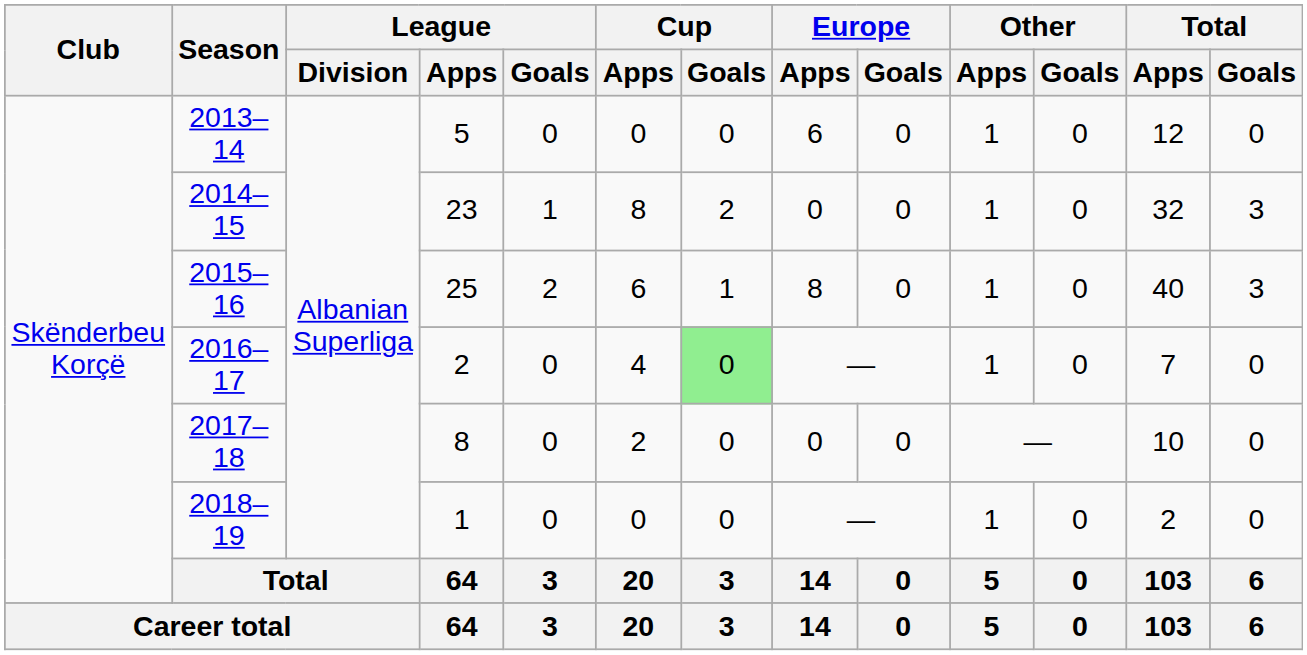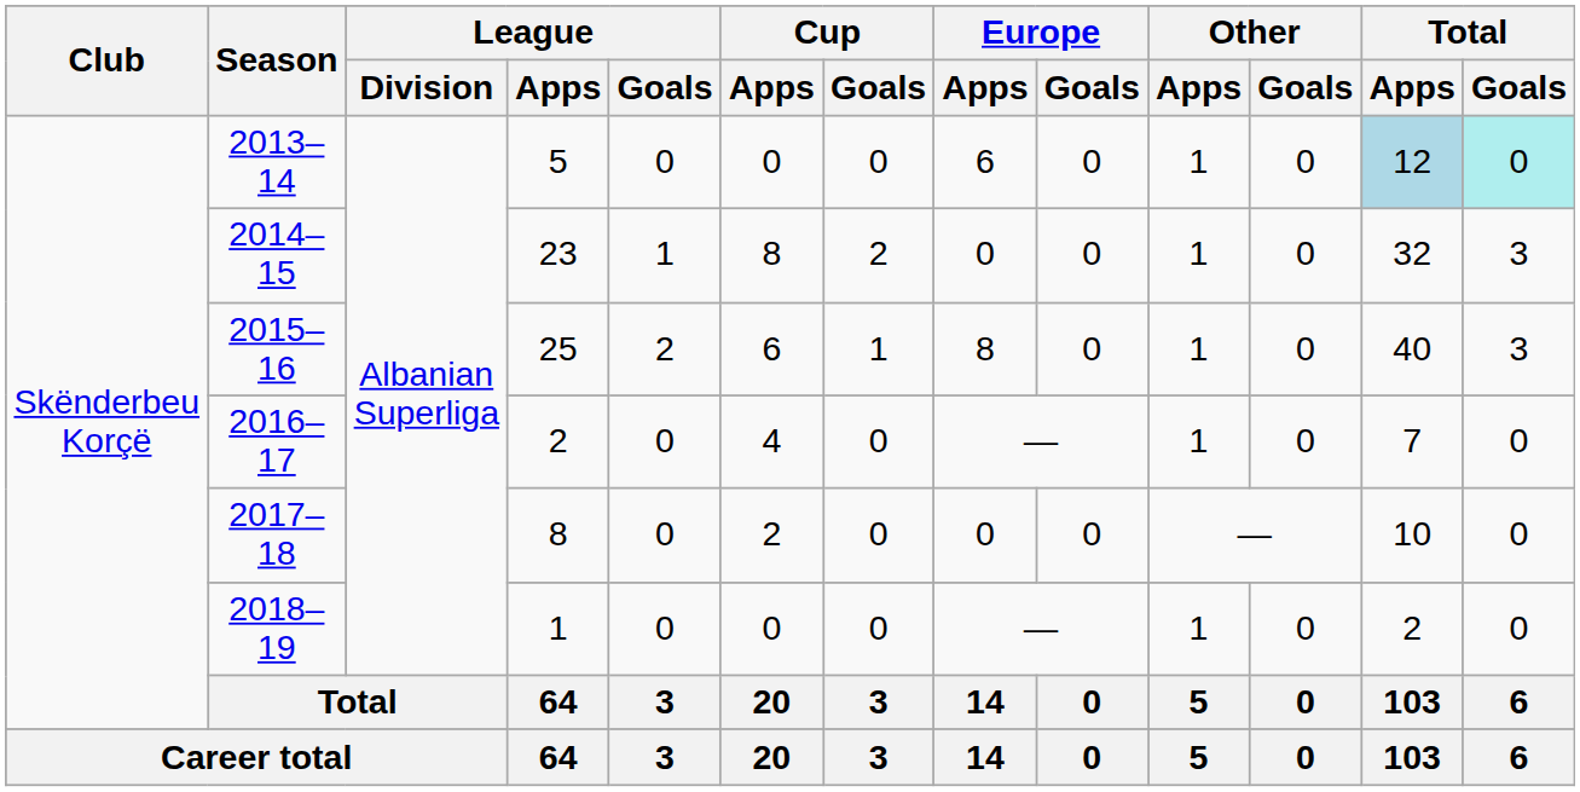 <table class="wikitable" style="text-align:center">
 <tr>
 <th rowspan="2">Club</th>
 <th rowspan="2">Season</th>
 <th colspan="3">League</th>
 <th colspan="2">Cup</th>
 <th colspan="2"><a href='#'>Europe</a></th>
 <th colspan="2">Other</th>
 <th colspan="2">Total</th>
 </tr>
 <tr>
 <th>Division</th>
 <th>Apps</th>
 <th>Goals</th>
 <th>Apps</th>
 <th>Goals</th>
 <th>Apps</th>
 <th>Goals</th>
 <th>Apps</th>
 <th>Goals</th>
 <th>Apps</th>
 <th>Goals</th>
 </tr>
 <tr>
 <td rowspan="7"><a href='#'>Skënderbeu Korçë</a></td>
 <td><a href='#'>2013–14</a></td>
 <td rowspan="6"><a href='#'>Albanian Superliga</a></td>
 <td>5</td>
 <td>0</td>
 <td>0</td>
 <td>0</td>
 <td>6</td>
 <td>0</td>
 <td>1</td>
 <td>0</td>
-<td>12</td>
-<td>0</td>
+<td style="background: lightblue;">12</td>
+<td style="background: paleturquoise;">0</td>
 </tr>
 <tr>
 <td><a href='#'>2014–15</a></td>
 <td>23</td>
 <td>1</td>
 <td>8</td>
 <td>2</td>
 <td>0</td>
 <td>0</td>
 <td>1</td>
 <td>0</td>
 <td>32</td>
 <td>3</td>
 </tr>
 <tr>
 <td><a href='#'>2015–16</a></td>
 <td>25</td>
 <td>2</td>
 <td>6</td>
 <td>1</td>
 <td>8</td>
 <td>0</td>
 <td>1</td>
 <td>0</td>
 <td>40</td>
 <td>3</td>
 </tr>
 <tr>
 <td><a href='#'>2016–17</a></td>
 <td>2</td>
 <td>0</td>
 <td>4</td>
-<td style="background: lightgreen;">0</td>
+<td>0</td>
 <td colspan="2">—</td>
 <td>1</td>
 <td>0</td>
 <td>7</td>
 <td>0</td>
 </tr>
 <tr>
 <td><a href='#'>2017–18</a></td>
 <td>8</td>
 <td>0</td>
 <td>2</td>
 <td>0</td>
 <td>0</td>
 <td>0</td>
 <td colspan="2">—</td>
 <td>10</td>
 <td>0</td>
 </tr>
 <tr>
 <td><a href='#'>2018–19</a></td>
 <td>1</td>
 <td>0</td>
 <td>0</td>
 <td>0</td>
 <td colspan="2">—</td>
 <td>1</td>
 <td>0</td>
 <td>2</td>
 <td>0</td>
 </tr>
 <tr>
 <th colspan="2">Total</th>
 <th>64</th>
 <th>3</th>
 <th>20</th>
 <th>3</th>
 <th>14</th>
 <th>0</th>
 <th>5</th>
 <th>0</th>
 <th>103</th>
 <th>6</th>
 </tr>
 <tr>
 <th colspan="3">Career total</th>
 <th>64</th>
 <th>3</th>
 <th>20</th>
 <th>3</th>
 <th>14</th>
 <th>0</th>
 <th>5</th>
 <th>0</th>
 <th>103</th>
 <th>6</th>
 </tr>
 </table>
